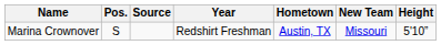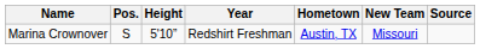 <table class="wikitable sortable" border="1">
 <tr>
 <th style="text-align:center; ">Name</th>
 <th style="text-align:center; ">Pos.</th>
-<th style="text-align:center; ">Source</th>
+<th style="text-align:center; ">Height</th>
 <th style="text-align:center; ">Year</th>
 <th style="text-align:center; ">Hometown</th>
 <th style="text-align:center; ">New Team</th>
-<th style="text-align:center; ">Height</th>
+<th style="text-align:center; ">Source</th>
 </tr>
 <tr align="center">
 <td>Marina Crownover</td>
 <td>S</td>
-<td></td>
+<td>5'10”</td>
 <td>Redshirt Freshman</td>
 <td><a href='#'>Austin, TX</a></td>
 <td><a href='#'>Missouri</a></td>
-<td>5'10”</td>
+<td></td>
 </tr>
 </table>
